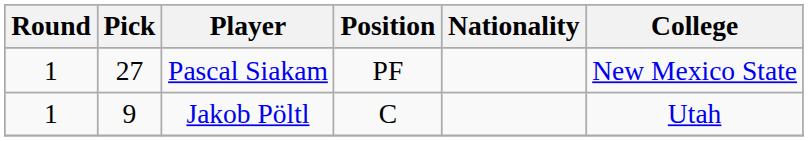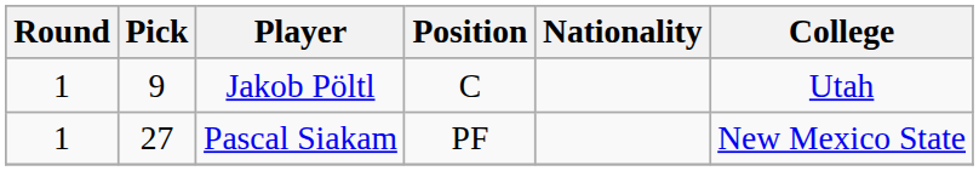 <table class="wikitable sortable sortable">
 <tr>
 <th>Round</th>
 <th>Pick</th>
 <th>Player</th>
 <th>Position</th>
 <th>Nationality</th>
 <th>College</th>
 </tr>
 <tr style="text-align: center">
 <td>1</td>
+<td>9</td>
+<td><a href='#'>Jakob Pöltl</a></td>
+<td>C</td>
+<td></td>
+<td><a href='#'>Utah</a></td>
+</tr>
+<tr style="text-align: center">
+<td>1</td>
 <td>27</td>
 <td><a href='#'>Pascal Siakam</a></td>
 <td>PF</td>
 <td></td>
 <td><a href='#'>New Mexico State</a></td>
 </tr>
 <tr style="text-align: center">
-<td>1</td>
-<td>9</td>
-<td><a href='#'>Jakob Pöltl</a></td>
-<td>C</td>
-<td></td>
-<td><a href='#'>Utah</a></td>
-</tr>
-<tr style="text-align: center">
 </tr>
 </table>
